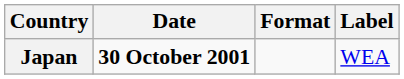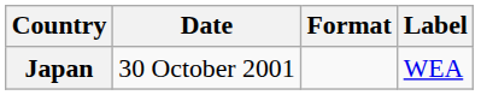 <table class="wikitable plainrowheaders">
 <tr>
 <th scope="col">Country</th>
 <th scope="col">Date</th>
 <th scope="col">Format</th>
 <th scope="col">Label</th>
 </tr>
 <tr>
 <th scope="row">Japan</th>
-<td><strong>30 October 2001</strong></td>
+<td>30 October 2001</td>
 <td rowspan="2"></td>
 <td><a href='#'>WEA</a></td>
 </tr>
 </table>
